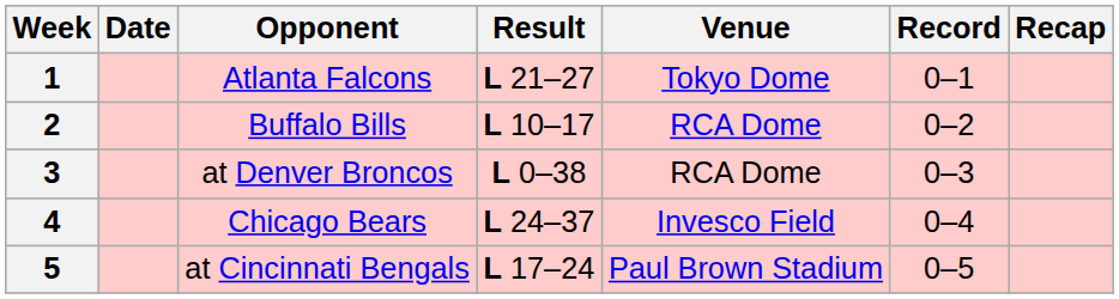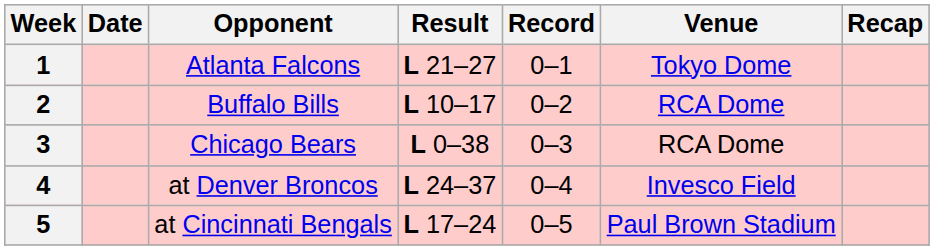 <table class="wikitable" style="text-align:center">
 <tr>
 <th>Week</th>
 <th>Date</th>
 <th>Opponent</th>
 <th>Result</th>
+<th>Record</th>
 <th>Venue</th>
-<th>Record</th>
 <th>Recap</th>
 </tr>
 <tr style="background:#fcc; text-align:center;">
 <th>1</th>
 <td></td>
 <td><a href='#'>Atlanta Falcons</a></td>
 <td><strong>L</strong> 21–27</td>
+<td>0–1</td>
 <td>  <a href='#'>Tokyo Dome</a> </td>
-<td>0–1</td>
 <td></td>
 </tr>
 <tr style="background:#fcc; text-align:center;">
 <th>2</th>
 <td></td>
 <td><a href='#'>Buffalo Bills</a></td>
 <td><strong>L</strong>  10–17</td>
+<td>0–2</td>
 <td><a href='#'>RCA Dome</a></td>
-<td>0–2</td>
 <td></td>
 </tr>
 <tr style="background:#fcc; text-align:center;">
 <th>3</th>
 <td></td>
-<td>at <a href='#'>Denver Broncos</a></td>
+<td><a href='#'>Chicago Bears</a></td>
 <td><strong>L</strong> 0–38</td>
+<td>0–3</td>
 <td>RCA Dome</td>
-<td>0–3</td>
 <td></td>
 </tr>
 <tr style="background:#fcc; text-align:center;">
 <th>4</th>
 <td></td>
-<td><a href='#'>Chicago Bears</a></td>
+<td>at <a href='#'>Denver Broncos</a></td>
 <td><strong>L</strong> 24–37</td>
+<td>0–4</td>
 <td><a href='#'>Invesco Field</a></td>
-<td>0–4</td>
 <td></td>
 </tr>
 <tr style="background:#fcc; text-align:center;">
 <th>5</th>
 <td></td>
 <td>at <a href='#'>Cincinnati Bengals</a></td>
 <td><strong>L</strong> 17–24</td>
+<td>0–5</td>
 <td><a href='#'>Paul Brown Stadium</a></td>
-<td>0–5</td>
 <td></td>
 </tr>
 </table>
